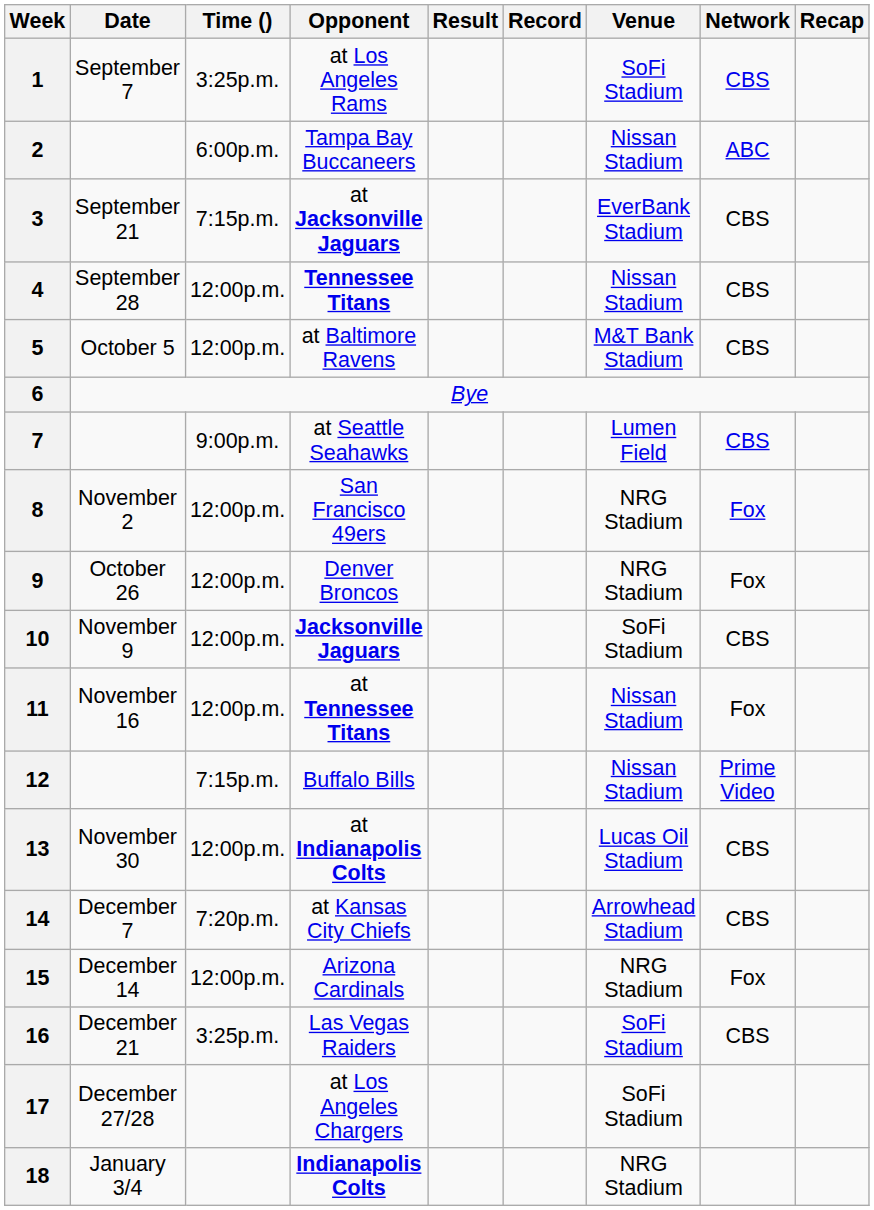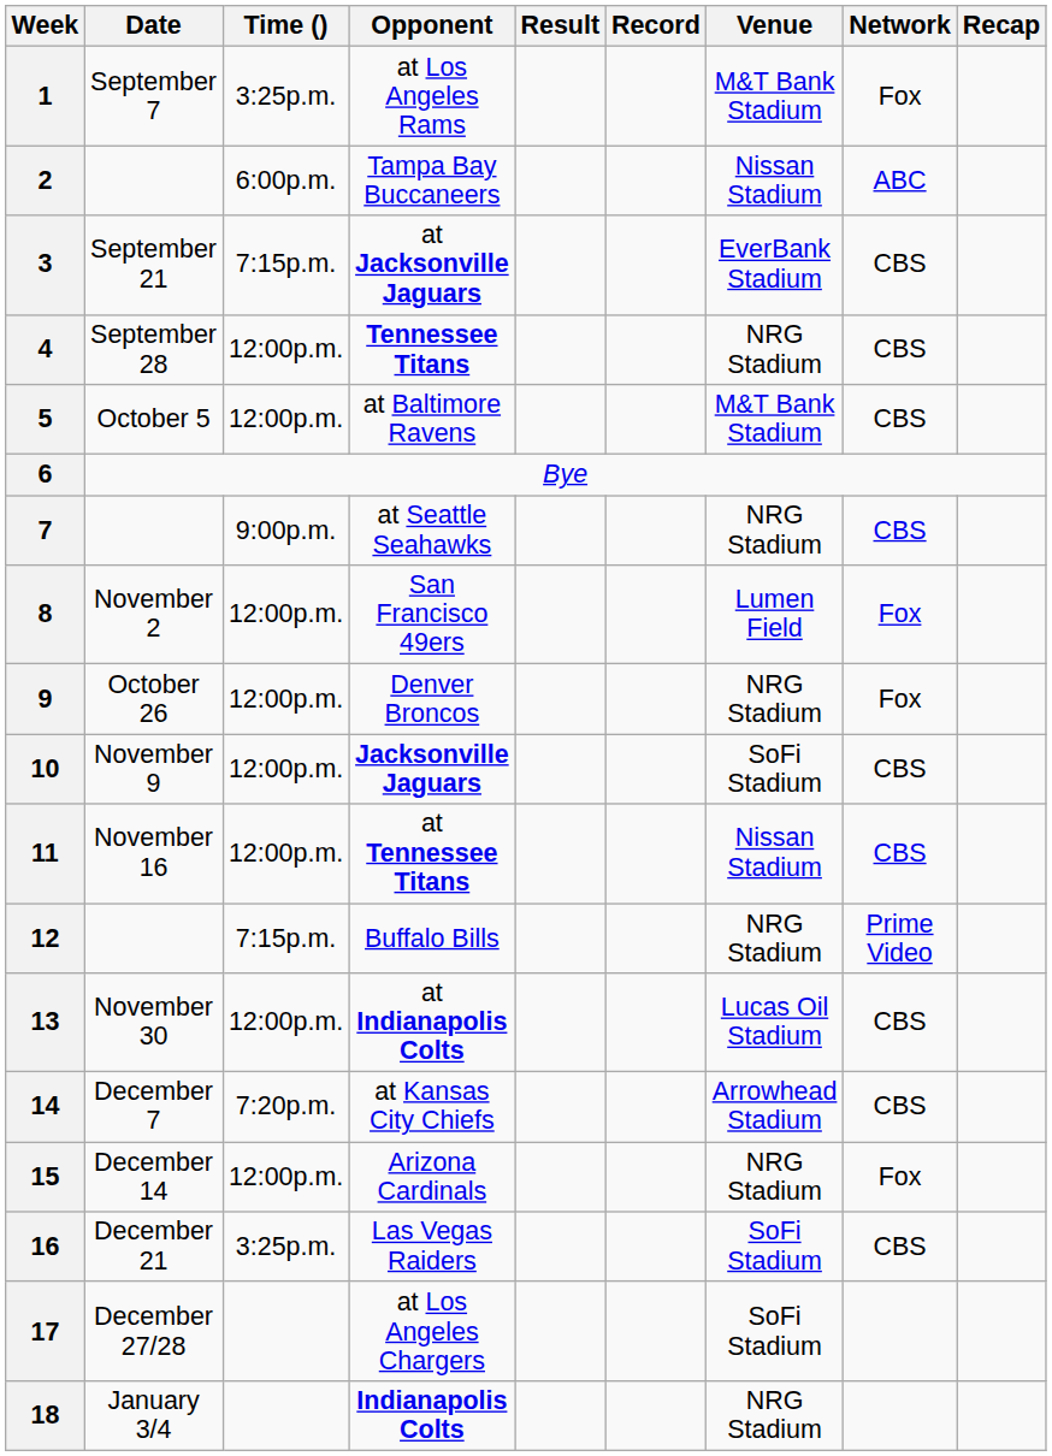 <table class="wikitable" style="text-align:center">
 <tr>
 <th>Week</th>
 <th>Date</th>
 <th>Time (<a href='#'></a>)</th>
 <th>Opponent</th>
 <th>Result</th>
 <th>Record</th>
 <th>Venue</th>
 <th>Network</th>
 <th>Recap</th>
 </tr>
 <tr>
 <th>1 </th>
 <td>September 7</td>
 <td>3:25p.m.</td>
 <td>at <a href='#'>Los Angeles Rams</a></td>
 <td></td>
 <td></td>
-<td><a href='#'>SoFi Stadium</a></td>
-<td><a href='#'>CBS</a></td>
+<td><a href='#'>M&T Bank Stadium</a></td>
+<td>Fox</td>
 <td></td>
 </tr>
 <tr>
 <th>2 </th>
 <td></td>
 <td>6:00p.m.</td>
 <td><a href='#'>Tampa Bay Buccaneers</a></td>
 <td></td>
 <td></td>
 <td><a href='#'>Nissan Stadium</a></td>
 <td><a href='#'>ABC</a></td>
 <td></td>
 </tr>
 <tr>
 <th>3 </th>
 <td>September 21</td>
 <td>7:15p.m.</td>
 <td>at <strong><a href='#'>Jacksonville Jaguars</a></strong></td>
 <td></td>
 <td></td>
 <td><a href='#'>EverBank Stadium</a></td>
 <td>CBS</td>
 <td></td>
 </tr>
 <tr>
 <th>4 </th>
 <td>September 28</td>
 <td>12:00p.m.</td>
 <td><strong><a href='#'>Tennessee Titans</a></strong></td>
 <td></td>
 <td></td>
-<td><a href='#'>Nissan Stadium</a></td>
+<td>NRG Stadium</td>
 <td>CBS</td>
 <td></td>
 </tr>
 <tr>
 <th>5 </th>
 <td>October 5</td>
 <td>12:00p.m.</td>
 <td>at <a href='#'>Baltimore Ravens</a></td>
 <td></td>
 <td></td>
 <td><a href='#'>M&T Bank Stadium</a></td>
 <td>CBS</td>
 <td></td>
 </tr>
 <tr>
 <th>6</th>
 <td colspan=8><em><a href='#'>Bye</a></em></td>
 </tr>
 <tr>
 <th>7 </th>
 <td></td>
 <td>9:00p.m.</td>
 <td>at <a href='#'>Seattle Seahawks</a></td>
 <td></td>
 <td></td>
-<td><a href='#'>Lumen Field</a></td>
+<td>NRG Stadium</td>
 <td><a href='#'>CBS</a></td>
 <td></td>
 </tr>
 <tr>
 <th>8 </th>
 <td>November 2</td>
 <td>12:00p.m.</td>
 <td><a href='#'>San Francisco 49ers</a></td>
 <td></td>
 <td></td>
-<td>NRG Stadium</td>
+<td><a href='#'>Lumen Field</a></td>
 <td><a href='#'>Fox</a></td>
 <td></td>
 </tr>
 <tr>
 <th>9 </th>
 <td>October 26</td>
 <td>12:00p.m.</td>
 <td><a href='#'>Denver Broncos</a></td>
 <td></td>
 <td></td>
 <td>NRG Stadium</td>
 <td>Fox</td>
 <td></td>
 </tr>
 <tr>
 <th>10 </th>
 <td>November 9</td>
 <td>12:00p.m.</td>
 <td><strong><a href='#'>Jacksonville Jaguars</a></strong></td>
 <td></td>
 <td></td>
 <td>SoFi Stadium</td>
 <td>CBS</td>
 <td></td>
 </tr>
 <tr>
 <th>11 </th>
 <td>November 16</td>
 <td>12:00p.m.</td>
 <td>at <strong><a href='#'>Tennessee Titans</a></strong></td>
 <td></td>
 <td></td>
 <td><a href='#'>Nissan Stadium</a></td>
-<td>Fox</td>
+<td><a href='#'>CBS</a></td>
 <td></td>
 </tr>
 <tr>
 <th>12 </th>
 <td></td>
 <td>7:15p.m.</td>
 <td><a href='#'>Buffalo Bills</a></td>
 <td></td>
 <td></td>
-<td><a href='#'>Nissan Stadium</a></td>
+<td>NRG Stadium</td>
 <td><a href='#'>Prime Video</a></td>
 <td></td>
 </tr>
 <tr>
 <th>13 </th>
 <td>November 30</td>
 <td>12:00p.m.</td>
 <td>at <strong><a href='#'>Indianapolis Colts</a></strong></td>
 <td></td>
 <td></td>
 <td><a href='#'>Lucas Oil Stadium</a></td>
 <td>CBS</td>
 <td></td>
 </tr>
 <tr>
 <th>14 </th>
 <td>December 7</td>
 <td>7:20p.m.</td>
 <td>at <a href='#'>Kansas City Chiefs</a></td>
 <td></td>
 <td></td>
 <td><a href='#'>Arrowhead Stadium</a></td>
 <td>CBS</td>
 <td></td>
 </tr>
 <tr>
 <th>15 </th>
 <td>December 14</td>
 <td>12:00p.m.</td>
 <td><a href='#'>Arizona Cardinals</a></td>
 <td></td>
 <td></td>
 <td>NRG Stadium</td>
 <td>Fox</td>
 <td></td>
 </tr>
 <tr>
 <th>16 </th>
 <td>December 21</td>
 <td>3:25p.m.</td>
 <td><a href='#'>Las Vegas Raiders</a></td>
 <td></td>
 <td></td>
 <td><a href='#'>SoFi Stadium</a></td>
 <td>CBS</td>
 <td></td>
 </tr>
 <tr>
 <th>17 </th>
 <td>December 27/28</td>
 <td></td>
 <td>at <a href='#'>Los Angeles Chargers</a></td>
 <td></td>
 <td></td>
 <td>SoFi Stadium</td>
 <td></td>
 <td></td>
 </tr>
 <tr>
 <th>18 </th>
 <td>January 3/4</td>
 <td></td>
 <td><strong><a href='#'>Indianapolis Colts</a></strong></td>
 <td></td>
 <td></td>
 <td>NRG Stadium</td>
 <td></td>
 <td></td>
 </tr>
 </table>
